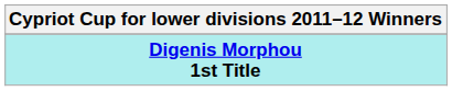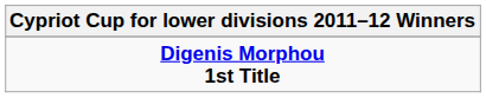 <table class="wikitable" style="text-align: center; margin: 0 auto;">
 <tr>
 <th>Cypriot Cup for lower divisions 2011–12 Winners</th>
 </tr>
 <tr>
 </tr>
 <tr>
-<td style="background: paleturquoise;"><strong><a href='#'>Digenis Morphou</a></strong><br><strong>1st Title</strong></td>
+<td><strong><a href='#'>Digenis Morphou</a></strong><br><strong>1st Title</strong></td>
 </tr>
 </table>
